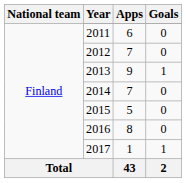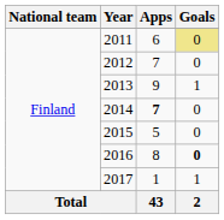 <table class="wikitable" style="text-align:center">
 <tr>
 <th>National team</th>
 <th>Year</th>
 <th>Apps</th>
 <th>Goals</th>
 </tr>
 <tr>
 <td rowspan="8"><a href='#'>Finland</a></td>
 </tr>
 <tr>
 <td>2011</td>
 <td>6</td>
-<td>0</td>
+<td style="background: khaki;">0</td>
 </tr>
 <tr>
 <td>2012</td>
 <td>7</td>
 <td>0</td>
 </tr>
 <tr>
 <td>2013</td>
 <td>9</td>
 <td>1</td>
 </tr>
 <tr>
 <td>2014</td>
-<td>7</td>
+<td><strong>7</strong></td>
 <td>0</td>
 </tr>
 <tr>
 <td>2015</td>
 <td>5</td>
 <td>0</td>
 </tr>
 <tr>
 <td>2016</td>
 <td>8</td>
-<td>0</td>
+<td><strong>0</strong></td>
 </tr>
 <tr>
 <td>2017</td>
 <td>1</td>
 <td>1</td>
 </tr>
 <tr>
 <th colspan="2">Total</th>
 <th>43</th>
 <th>2</th>
 </tr>
 </table>
